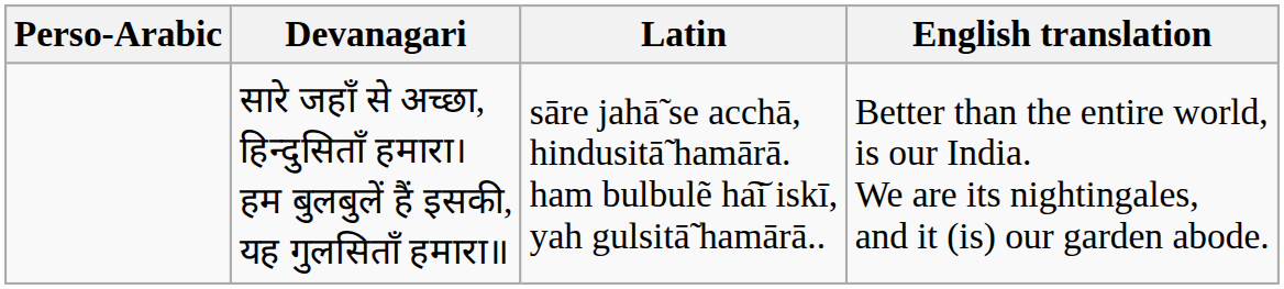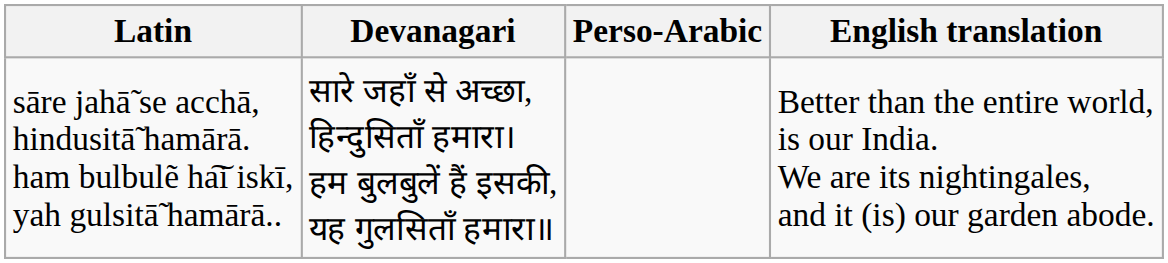 <table class="wikitable">
 <tr>
+<th>Latin</th>
+<th>Devanagari</th>
 <th>Perso-Arabic</th>
-<th>Devanagari</th>
-<th>Latin</th>
 <th>English translation</th>
 </tr>
 <tr>
+<td>sāre jahā̃ se acchā, <br>hindusitā̃ hamārā. <br>ham bulbulẽ ha͠i iskī, <br>yah gulsitā̃ hamārā..</td>
+<td>सारे जहाँ से अच्छा, <br>हिन्दुसिताँ हमारा। <br>हम बुलबुलें हैं इसकी, <br>यह गुलसिताँ हमारा॥</td>
 <td><div></div></td>
-<td>सारे जहाँ से अच्छा, <br>हिन्दुसिताँ हमारा। <br>हम बुलबुलें हैं इसकी, <br>यह गुलसिताँ हमारा॥</td>
-<td>sāre jahā̃ se acchā, <br>hindusitā̃ hamārā. <br>ham bulbulẽ ha͠i iskī, <br>yah gulsitā̃ hamārā..</td>
 <td>Better than the entire world, <br>is our India. <br>We are its nightingales, <br>and it (is) our garden abode.</td>
 </tr>
 </table>
